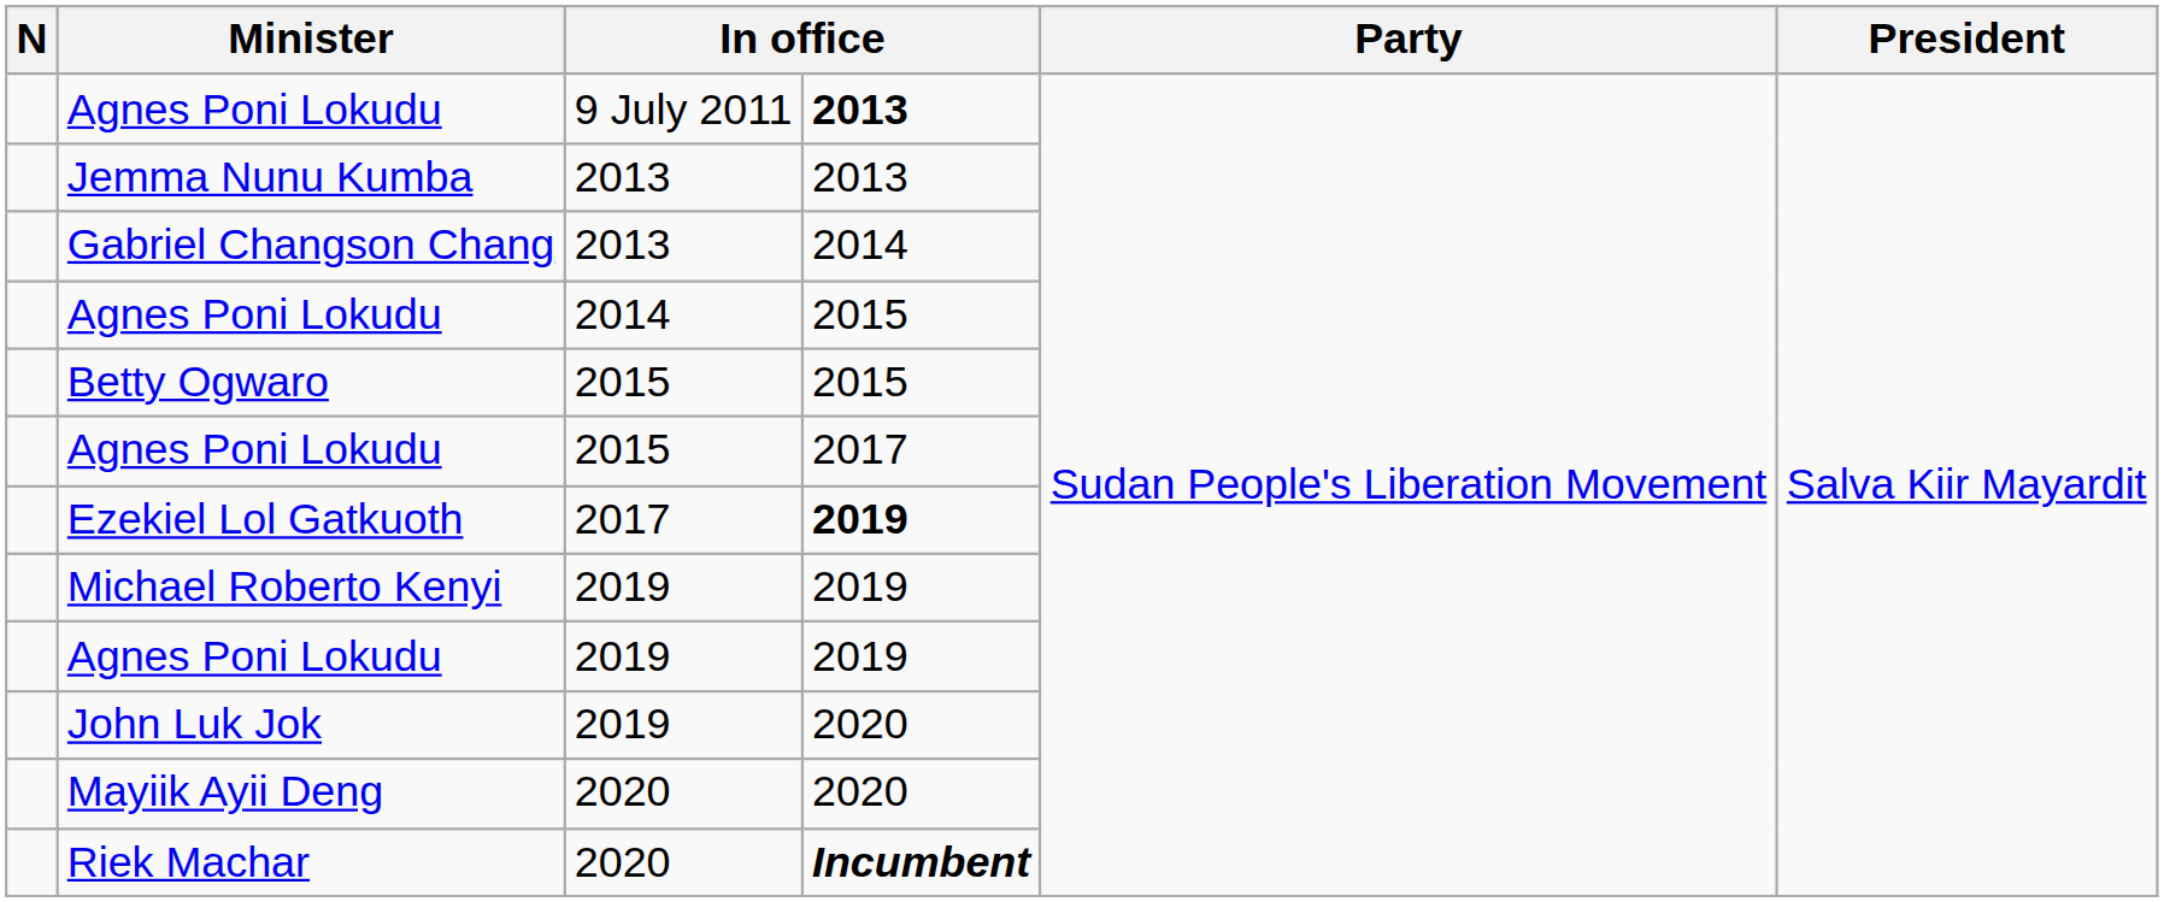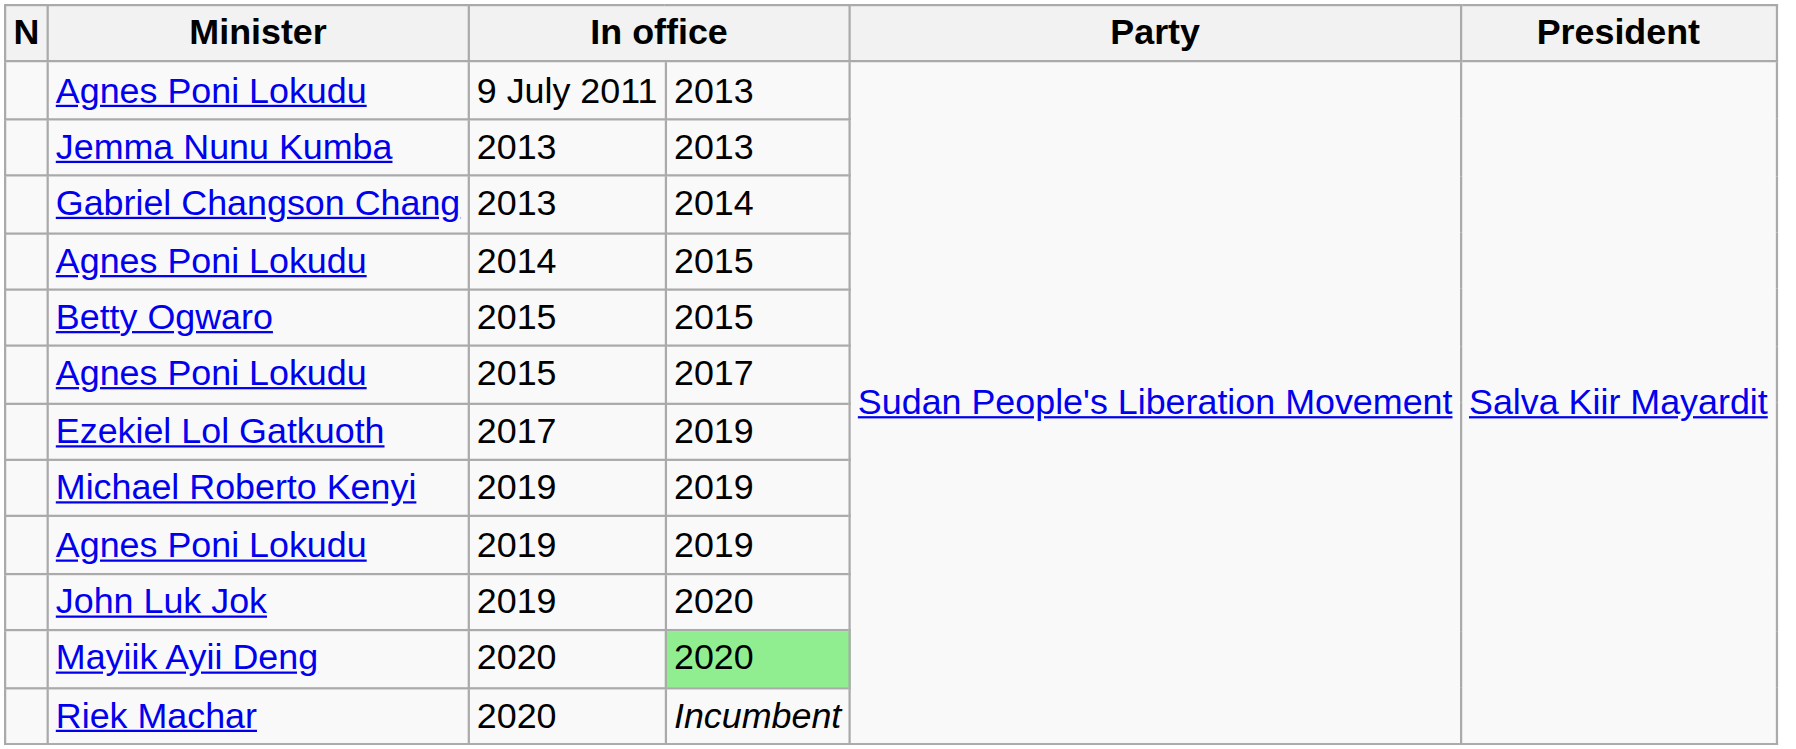 <table class="wikitable">
 <tr>
 <th>N</th>
 <th>Minister</th>
 <th colspan="2">In office</th>
 <th>Party</th>
 <th>President</th>
 </tr>
 <tr>
 <td style="background-color: "></td>
 <td><a href='#'>Agnes Poni Lokudu</a></td>
 <td>9 July 2011</td>
-<td><strong>2013</strong></td>
+<td>2013</td>
 <td rowspan="12"><a href='#'>Sudan People's Liberation Movement</a></td>
 <td rowspan="12"><a href='#'>Salva Kiir Mayardit</a></td>
 </tr>
 <tr>
 <td style="background-color: "></td>
 <td><a href='#'>Jemma Nunu Kumba</a></td>
 <td>2013</td>
 <td>2013</td>
 </tr>
 <tr>
 <td style="background-color: "></td>
 <td><a href='#'>Gabriel Changson Chang</a></td>
 <td>2013</td>
 <td>2014</td>
 </tr>
 <tr>
 <td style="background-color: "></td>
 <td><a href='#'>Agnes Poni Lokudu</a></td>
 <td>2014</td>
 <td>2015</td>
 </tr>
 <tr>
 <td style="background-color: "></td>
 <td><a href='#'>Betty Ogwaro</a></td>
 <td>2015</td>
 <td>2015</td>
 </tr>
 <tr>
 <td style="background-color: "></td>
 <td><a href='#'>Agnes Poni Lokudu</a></td>
 <td>2015</td>
 <td>2017</td>
 </tr>
 <tr>
 <td style="background-color: "></td>
 <td><a href='#'>Ezekiel Lol Gatkuoth</a></td>
 <td>2017</td>
-<td><strong>2019</strong></td>
+<td>2019</td>
 </tr>
 <tr>
 <td style="background-color: "></td>
 <td><a href='#'>Michael Roberto Kenyi</a></td>
 <td>2019</td>
 <td>2019</td>
 </tr>
 <tr>
 <td style="background-color: "></td>
 <td><a href='#'>Agnes Poni Lokudu</a></td>
 <td>2019</td>
 <td>2019</td>
 </tr>
 <tr>
 <td style="background-color: "></td>
 <td><a href='#'>John Luk Jok</a></td>
 <td>2019</td>
 <td>2020</td>
 </tr>
 <tr>
 <td style="background-color: "></td>
 <td><a href='#'>Mayiik Ayii Deng</a></td>
 <td>2020</td>
-<td>2020</td>
+<td style="background: lightgreen;">2020</td>
 </tr>
 <tr>
 <td style="background-color: "></td>
 <td><a href='#'>Riek Machar</a></td>
 <td>2020</td>
-<td><strong><em>Incumbent</em></strong></td>
+<td><em>Incumbent</em></td>
 </tr>
 <tr>
 </tr>
 </table>
